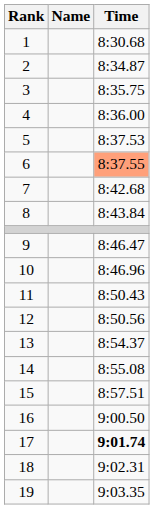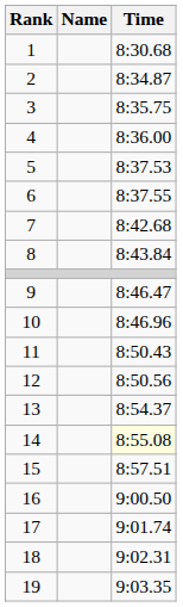 <table class="wikitable">
 <tr>
 <th>Rank</th>
 <th>Name</th>
 <th>Time</th>
 </tr>
 <tr>
 <td align="center">1</td>
 <td></td>
 <td align="center">8:30.68</td>
 </tr>
 <tr>
 <td align="center">2</td>
 <td></td>
 <td align="center">8:34.87</td>
 </tr>
 <tr>
 <td align="center">3</td>
 <td></td>
 <td align="center">8:35.75</td>
 </tr>
 <tr>
 <td align="center">4</td>
 <td></td>
 <td align="center">8:36.00</td>
 </tr>
 <tr>
 <td align="center">5</td>
 <td></td>
 <td align="center">8:37.53</td>
 </tr>
 <tr>
 <td align="center">6</td>
 <td></td>
-<td align="center" style="background: lightsalmon;">8:37.55</td>
+<td align="center">8:37.55</td>
 </tr>
 <tr>
 <td align="center">7</td>
 <td></td>
 <td align="center">8:42.68</td>
 </tr>
 <tr>
 <td align="center">8</td>
 <td></td>
 <td align="center">8:43.84</td>
 </tr>
 <tr>
 <td colspan=3 bgcolor=lightgray></td>
 </tr>
 <tr>
 <td align="center">9</td>
 <td></td>
 <td align="center">8:46.47</td>
 </tr>
 <tr>
 <td align="center">10</td>
 <td></td>
 <td align="center">8:46.96</td>
 </tr>
 <tr>
 <td align="center">11</td>
 <td></td>
 <td align="center">8:50.43</td>
 </tr>
 <tr>
 <td align="center">12</td>
 <td></td>
 <td align="center">8:50.56</td>
 </tr>
 <tr>
 <td align="center">13</td>
 <td></td>
 <td align="center">8:54.37</td>
 </tr>
 <tr>
 <td align="center">14</td>
 <td></td>
-<td align="center">8:55.08</td>
+<td align="center" style="background: lightyellow;">8:55.08</td>
 </tr>
 <tr>
 <td align="center">15</td>
 <td></td>
 <td align="center">8:57.51</td>
 </tr>
 <tr>
 <td align="center">16</td>
 <td></td>
 <td align="center">9:00.50</td>
 </tr>
 <tr>
 <td align="center">17</td>
 <td></td>
-<td align="center"><strong>9:01.74</strong></td>
+<td align="center">9:01.74</td>
 </tr>
 <tr>
 <td align="center">18</td>
 <td></td>
 <td align="center">9:02.31</td>
 </tr>
 <tr>
 <td align="center">19</td>
 <td></td>
 <td align="center">9:03.35</td>
 </tr>
 </table>
